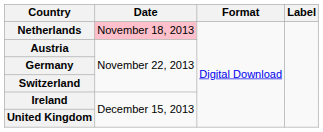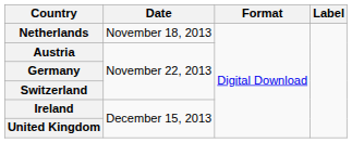 <table class="wikitable plainrowheaders">
 <tr>
 <th scope="col">Country</th>
 <th scope="col">Date</th>
 <th scope="col">Format</th>
 <th scope="col">Label</th>
 </tr>
 <tr>
 <th scope="row">Netherlands</th>
-<td style="background: pink;">November 18, 2013</td>
+<td>November 18, 2013</td>
 <td rowspan="6"><a href='#'>Digital Download</a></td>
 <td rowspan="6"></td>
 </tr>
 <tr>
 <th scope="row">Austria</th>
 <td rowspan="3">November 22, 2013</td>
 </tr>
 <tr>
 <th scope="row">Germany</th>
 </tr>
 <tr>
 <th scope="row">Switzerland</th>
 </tr>
 <tr>
 <th scope="row">Ireland</th>
 <td rowspan="2">December 15, 2013</td>
 </tr>
 <tr>
 <th scope="row">United Kingdom</th>
 </tr>
 </table>
